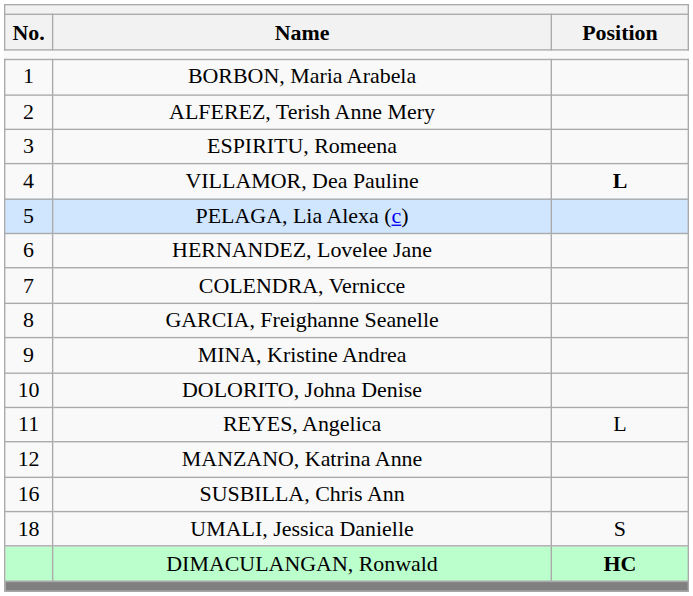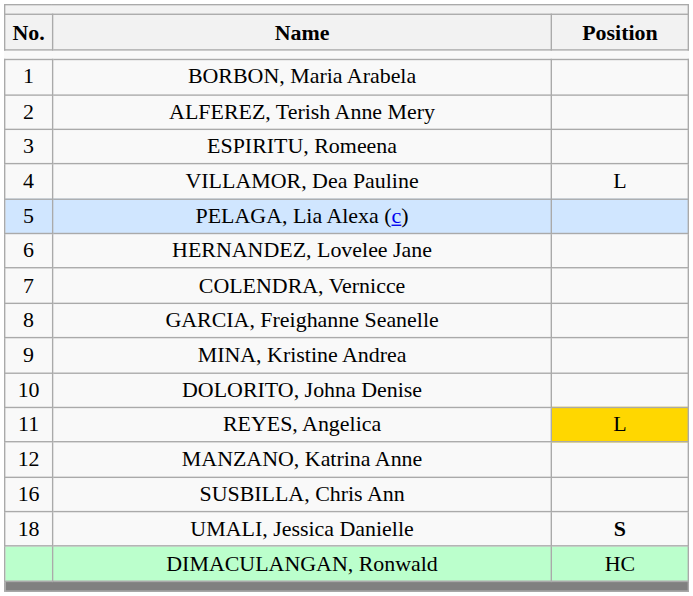 <table class='wikitable mw-collapsible mw-collapsed' style="text-align: center; width: 500px; border: none">
 <tr>
 <th style='text-align: left;' colspan=3></th>
 </tr>
 <tr>
 <th style='width: 7%;'>No.</th>
 <th>Name</th>
 <th style='width: 20%;'>Position</th>
 </tr>
 <tr>
 <td style='border: none;'></td>
 </tr>
 <tr>
 <td>1</td>
 <td>BORBON, Maria Arabela</td>
 <td></td>
 </tr>
 <tr>
 <td>2</td>
 <td>ALFEREZ, Terish Anne Mery</td>
 <td></td>
 </tr>
 <tr>
 <td>3</td>
 <td>ESPIRITU, Romeena</td>
 <td></td>
 </tr>
 <tr>
 <td>4</td>
 <td>VILLAMOR, Dea Pauline</td>
-<td><strong>L</strong></td>
+<td>L</td>
 </tr>
 <tr bgcolor=#D0E6FF>
 <td>5</td>
 <td>PELAGA, Lia Alexa (<a href='#'>c</a>)</td>
 <td></td>
 </tr>
 <tr>
 <td>6</td>
 <td>HERNANDEZ, Lovelee Jane</td>
 <td></td>
 </tr>
 <tr>
 <td>7</td>
 <td>COLENDRA, Vernicce</td>
 <td></td>
 </tr>
 <tr>
 <td>8</td>
 <td>GARCIA, Freighanne Seanelle</td>
 <td></td>
 </tr>
 <tr>
 <td>9</td>
 <td>MINA, Kristine Andrea</td>
 <td></td>
 </tr>
 <tr>
 <td>10</td>
 <td>DOLORITO, Johna Denise</td>
 <td></td>
 </tr>
 <tr>
 <td>11</td>
 <td>REYES, Angelica</td>
-<td>L</td>
+<td style="background: gold;">L</td>
 </tr>
 <tr>
 <td>12</td>
 <td>MANZANO, Katrina Anne</td>
 <td></td>
 </tr>
 <tr>
 <td>16</td>
 <td>SUSBILLA, Chris Ann</td>
 <td></td>
 </tr>
 <tr>
 <td>18</td>
 <td>UMALI, Jessica Danielle</td>
-<td>S</td>
+<td><strong>S</strong></td>
 </tr>
 <tr bgcolor=#BBFFCC>
 <td></td>
 <td>DIMACULANGAN, Ronwald</td>
-<td><strong>HC</strong></td>
+<td>HC</td>
 </tr>
 <tr>
 <th style='background: grey;' colspan=3></th>
 </tr>
 </table>
